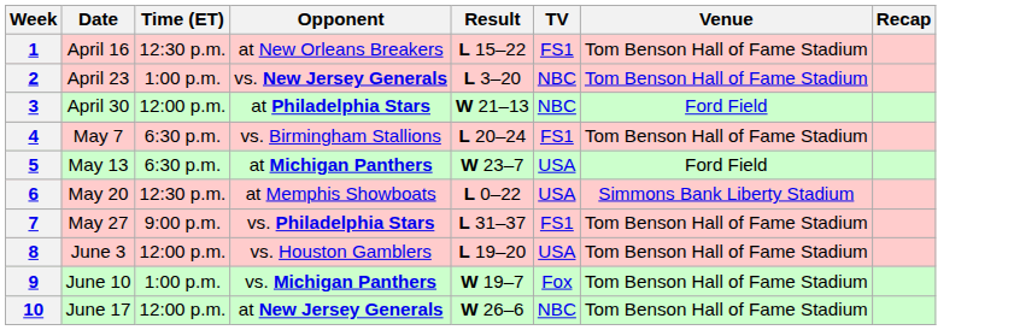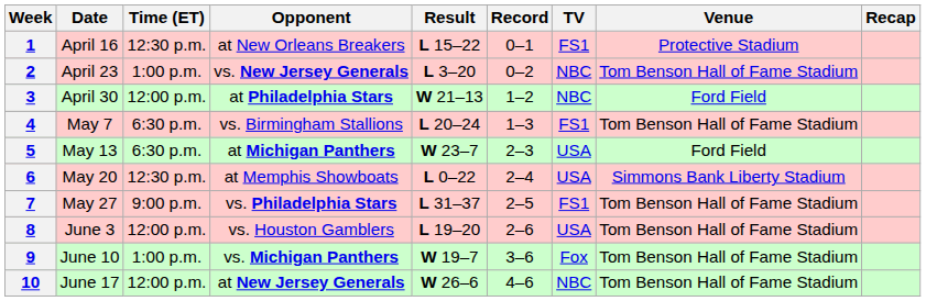 <table class="wikitable" style="text-align:center">
 <tr>
 <th>Week</th>
 <th>Date</th>
 <th>Time (ET)</th>
 <th>Opponent</th>
 <th>Result</th>
+<th>Record</th>
 <th>TV</th>
 <th>Venue</th>
 <th>Recap</th>
 </tr>
 <tr style="background:#ffcccc">
 <th><a href='#'>1</a></th>
 <td>April 16</td>
 <td>12:30 p.m.</td>
 <td>at <a href='#'>New Orleans Breakers</a></td>
 <td><strong>L</strong> 15–22</td>
+<td>0–1</td>
 <td><a href='#'>FS1</a></td>
-<td>Tom Benson Hall of Fame Stadium</td>
+<td><a href='#'>Protective Stadium</a></td>
 <td></td>
 </tr>
 <tr style="background:#ffcccc">
 <th><a href='#'>2</a></th>
 <td>April 23</td>
 <td>1:00 p.m.</td>
 <td>vs. <strong><a href='#'>New Jersey Generals</a></strong></td>
 <td><strong>L</strong> 3–20</td>
+<td>0–2</td>
 <td><a href='#'>NBC</a></td>
 <td><a href='#'>Tom Benson Hall of Fame Stadium</a></td>
 <td></td>
 </tr>
 <tr style="background:#ccffcc">
 <th><a href='#'>3</a></th>
 <td>April 30</td>
 <td>12:00 p.m.</td>
 <td>at <strong><a href='#'>Philadelphia Stars</a></strong></td>
 <td><strong>W</strong> 21–13</td>
+<td>1–2</td>
 <td><a href='#'>NBC</a></td>
 <td><a href='#'>Ford Field</a></td>
 <td></td>
 </tr>
 <tr style="background:#ffcccc">
 <th><a href='#'>4</a></th>
 <td>May 7</td>
 <td>6:30 p.m.</td>
 <td>vs. <a href='#'>Birmingham Stallions</a></td>
 <td><strong>L</strong> 20–24</td>
+<td>1–3</td>
 <td><a href='#'>FS1</a></td>
 <td>Tom Benson Hall of Fame Stadium</td>
 <td></td>
 </tr>
 <tr style="background:#ccffcc">
 <th><a href='#'>5</a></th>
 <td>May 13</td>
 <td>6:30 p.m.</td>
 <td>at <strong><a href='#'>Michigan Panthers</a></strong></td>
 <td><strong>W</strong> 23–7</td>
+<td>2–3</td>
 <td><a href='#'>USA</a></td>
 <td>Ford Field</td>
 <td></td>
 </tr>
 <tr style="background:#ffcccc">
 <th><a href='#'>6</a></th>
 <td>May 20</td>
 <td>12:30 p.m.</td>
 <td>at <a href='#'>Memphis Showboats</a></td>
 <td><strong>L</strong> 0–22</td>
+<td>2–4</td>
 <td><a href='#'>USA</a></td>
 <td><a href='#'>Simmons Bank Liberty Stadium</a></td>
 <td></td>
 </tr>
 <tr style="background:#ffcccc">
 <th><a href='#'>7</a></th>
 <td>May 27</td>
 <td>9:00 p.m.</td>
 <td>vs. <strong><a href='#'>Philadelphia Stars</a></strong></td>
 <td><strong>L</strong> 31–37</td>
+<td>2–5</td>
 <td><a href='#'>FS1</a></td>
 <td>Tom Benson Hall of Fame Stadium</td>
 <td></td>
 </tr>
 <tr style="background:#ffcccc">
 <th><a href='#'>8</a></th>
 <td>June 3</td>
 <td>12:00 p.m.</td>
 <td>vs. <a href='#'>Houston Gamblers</a></td>
 <td><strong>L</strong> 19–20</td>
+<td>2–6</td>
 <td><a href='#'>USA</a></td>
 <td>Tom Benson Hall of Fame Stadium</td>
 <td></td>
 </tr>
 <tr style="background:#ccffcc">
 <th><a href='#'>9</a></th>
 <td>June 10</td>
 <td>1:00 p.m.</td>
 <td>vs. <strong><a href='#'>Michigan Panthers</a></strong></td>
 <td><strong>W</strong> 19–7</td>
+<td>3–6</td>
 <td><a href='#'>Fox</a></td>
 <td>Tom Benson Hall of Fame Stadium</td>
 <td></td>
 </tr>
 <tr style="background:#ccffcc">
 <th><a href='#'>10</a></th>
 <td>June 17</td>
 <td>12:00 p.m.</td>
 <td>at <strong><a href='#'>New Jersey Generals</a></strong></td>
 <td><strong>W</strong> 26–6</td>
+<td>4–6</td>
 <td><a href='#'>NBC</a></td>
 <td>Tom Benson Hall of Fame Stadium</td>
 <td></td>
 </tr>
 </table>
